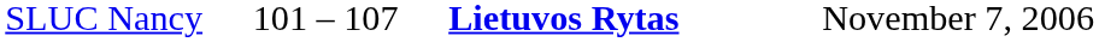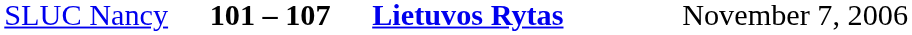 <table style="text-align:center">
 <tr>
 <th width=160></th>
 <th width=100></th>
 <th width=160></th>
 <th width=200></th>
 </tr>
 <tr>
 <td align=right><a href='#'>SLUC Nancy</a> </td>
-<td>101 – 107</td>
+<td><strong>101 – 107</strong></td>
 <td align=left> <strong><a href='#'>Lietuvos Rytas</a></strong></td>
 <td align=left>November 7, 2006</td>
 </tr>
 </table>
